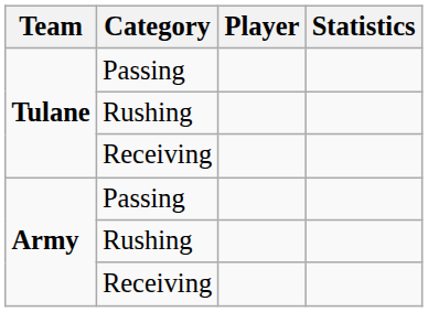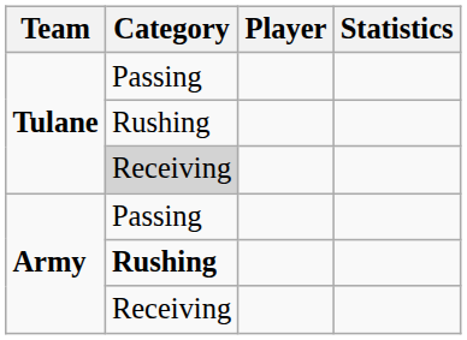 <table class="wikitable" style="float: left;">
 <tr>
 <th>Team</th>
 <th>Category</th>
 <th>Player</th>
 <th>Statistics</th>
 </tr>
 <tr>
 <td rowspan=3><strong>Tulane</strong></td>
 <td>Passing</td>
 <td></td>
 <td></td>
 </tr>
 <tr>
 <td>Rushing</td>
 <td></td>
 <td></td>
 </tr>
 <tr>
-<td>Receiving</td>
+<td style="background: lightgrey;">Receiving</td>
 <td></td>
 <td></td>
 </tr>
 <tr>
 <td rowspan=3><strong>Army</strong></td>
 <td>Passing</td>
 <td></td>
 <td></td>
 </tr>
 <tr>
-<td>Rushing</td>
+<td><strong>Rushing</strong></td>
 <td></td>
 <td></td>
 </tr>
 <tr>
 <td>Receiving</td>
 <td></td>
 <td></td>
 </tr>
 </table>
